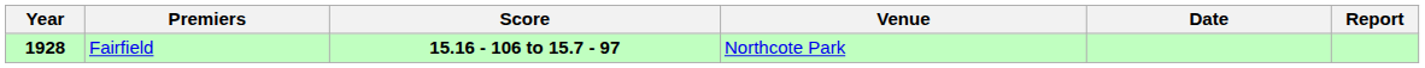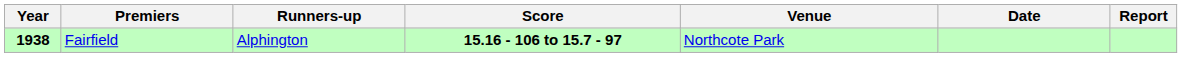 <table class="wikitable sortable" style="text-align:left; text-valign:center">
 <tr>
 <th width=3%>Year</th>
 <th width=10%>Premiers</th>
+<th width=10%>Runners-up</th>
 <th width=16%>Score</th>
 <th width=15%>Venue</th>
 <th width=10%; class=unsortable>Date</th>
 <th width=2%; class=unsortable>Report</th>
 </tr>
 <tr style="background:#C0FFC0;">
-<td align="center"><strong>1928</strong></td>
+<td align="center"><strong>1938</strong></td>
 <td><a href='#'>Fairfield</a></td>
+<td><a href='#'>Alphington</a></td>
 <td align=center><strong>15.16 - 106  to 15.7 - 97</strong></td>
 <td><a href='#'>Northcote Park</a></td>
 <td></td>
 <td align=center></td>
 </tr>
 </table>
